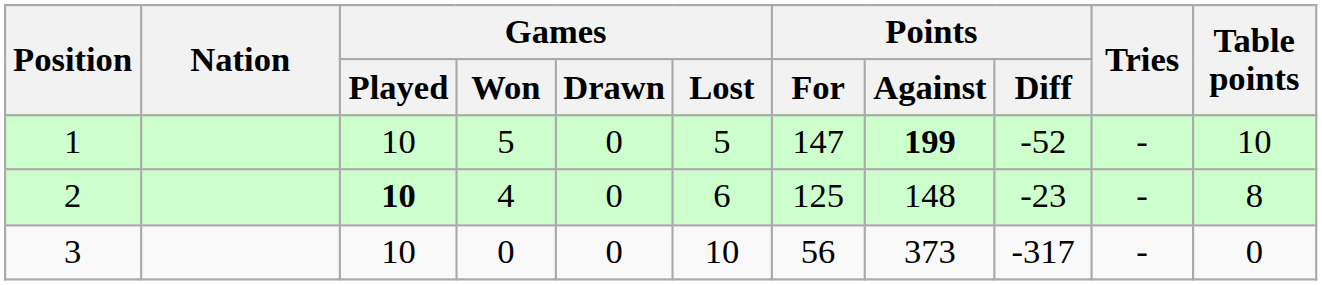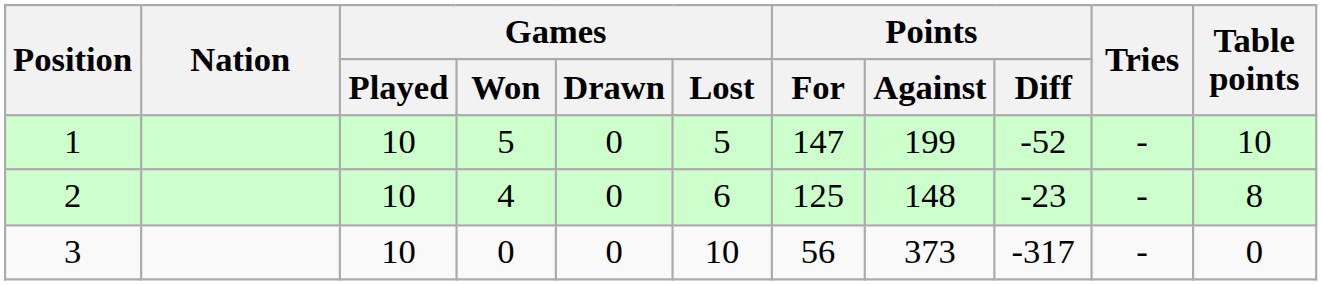 <table class=wikitable style=text-align:center>
 <tr>
 <th rowspan=2 width=8%>Position</th>
 <th rowspan=2 width=18%>Nation</th>
 <th colspan=4 width=32%>Games</th>
 <th colspan=3 width=24%>Points</th>
 <th rowspan=2 width=8%>Tries</th>
 <th rowspan=2 width=10%>Table<br>points</th>
 </tr>
 <tr>
 <th width=8%>Played</th>
 <th width=8%>Won</th>
 <th width=8%>Drawn</th>
 <th width=8%>Lost</th>
 <th width=8%>For</th>
 <th width=8%>Against</th>
 <th width=8%>Diff</th>
 </tr>
 <tr bgcolor=#ccffcc align=center>
 <td>1</td>
 <td align=left></td>
 <td>10</td>
 <td>5</td>
 <td>0</td>
 <td>5</td>
 <td>147</td>
-<td><strong>199</strong></td>
+<td>199</td>
 <td>-52</td>
 <td>-</td>
 <td>10</td>
 </tr>
 <tr bgcolor=#ccffcc>
 <td>2</td>
 <td align=left></td>
-<td><strong>10</strong></td>
+<td>10</td>
 <td>4</td>
 <td>0</td>
 <td>6</td>
 <td>125</td>
 <td>148</td>
 <td>-23</td>
 <td>-</td>
 <td>8</td>
 </tr>
 <tr>
 <td>3</td>
 <td align=left></td>
 <td>10</td>
 <td>0</td>
 <td>0</td>
 <td>10</td>
 <td>56</td>
 <td>373</td>
 <td>-317</td>
 <td>-</td>
 <td>0</td>
 </tr>
 </table>
